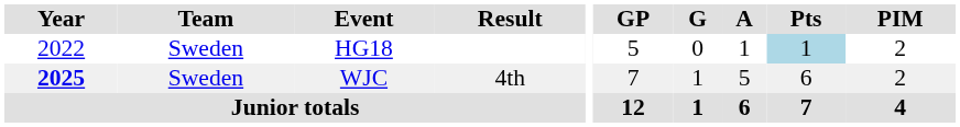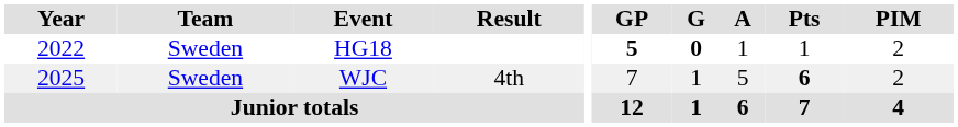 <table border="0" cellpadding="1" cellspacing="0" ID="Table3" style="text-align:center; width:40em;">
 <tr bgcolor="#e0e0e0">
 <th>Year</th>
 <th>Team</th>
 <th>Event</th>
 <th>Result</th>
 <th rowspan="98" bgcolor="#ffffff"></th>
 <th>GP</th>
 <th>G</th>
 <th>A</th>
 <th>Pts</th>
 <th>PIM</th>
 </tr>
 <tr>
 <td><a href='#'>2022</a></td>
 <td><a href='#'>Sweden</a></td>
 <td><a href='#'>HG18</a></td>
 <td></td>
-<td>5</td>
-<td>0</td>
+<td><strong>5</strong></td>
+<td><strong>0</strong></td>
 <td>1</td>
-<td style="background: lightblue;">1</td>
+<td>1</td>
 <td>2</td>
 </tr>
 <tr bgcolor="#f0f0f0">
-<td><strong><a href='#'>2025</a></strong></td>
+<td><a href='#'>2025</a></td>
 <td><a href='#'>Sweden</a></td>
 <td><a href='#'>WJC</a></td>
 <td>4th</td>
 <td>7</td>
 <td>1</td>
 <td>5</td>
-<td>6</td>
+<td><strong>6</strong></td>
 <td>2</td>
 </tr>
 <tr bgcolor="#e0e0e0">
 <th colspan="4">Junior totals</th>
 <th>12</th>
 <th>1</th>
 <th>6</th>
 <th>7</th>
 <th>4</th>
 </tr>
 </table>
